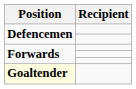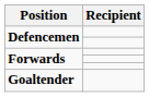 <table class="wikitable">
 <tr>
 <th>Position</th>
 <th>Recipient</th>
 </tr>
 <tr>
 <td rowspan=2><strong>Defencemen</strong></td>
 <td></td>
 </tr>
 <tr>
 <td></td>
 </tr>
 <tr>
 <td rowspan=3><strong>Forwards</strong></td>
 <td></td>
 </tr>
 <tr>
 <td></td>
 </tr>
 <tr>
 <td></td>
 </tr>
 <tr>
-<td style="background: lightyellow;"><strong>Goaltender</strong></td>
+<td><strong>Goaltender</strong></td>
 <td></td>
 </tr>
 </table>
